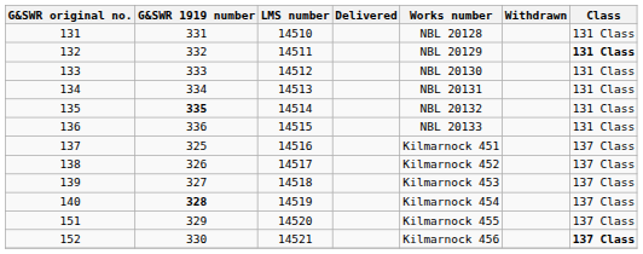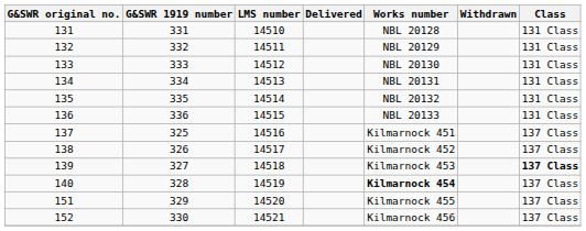 <table class="wikitable sortable" style=text-align:center>
 <tr>
 <th>G&SWR original no.</th>
 <th>G&SWR 1919 number</th>
 <th>LMS number</th>
 <th>Delivered</th>
 <th>Works number</th>
 <th>Withdrawn</th>
 <th>Class</th>
 </tr>
 <tr>
 <td>131</td>
 <td>331</td>
 <td>14510</td>
 <td></td>
 <td>NBL 20128</td>
 <td></td>
 <td>131 Class</td>
 </tr>
 <tr>
 <td>132</td>
 <td>332</td>
 <td>14511</td>
 <td></td>
 <td>NBL 20129</td>
 <td></td>
-<td><strong>131 Class</strong></td>
+<td>131 Class</td>
 </tr>
 <tr>
 <td>133</td>
 <td>333</td>
 <td>14512</td>
 <td></td>
 <td>NBL 20130</td>
 <td></td>
 <td>131 Class</td>
 </tr>
 <tr>
 <td>134</td>
 <td>334</td>
 <td>14513</td>
 <td></td>
 <td>NBL 20131</td>
 <td></td>
 <td>131 Class</td>
 </tr>
 <tr>
 <td>135</td>
-<td><strong>335</strong></td>
+<td>335</td>
 <td>14514</td>
 <td></td>
 <td>NBL 20132</td>
 <td></td>
 <td>131 Class</td>
 </tr>
 <tr>
 <td>136</td>
 <td>336</td>
 <td>14515</td>
 <td></td>
 <td>NBL 20133</td>
 <td></td>
 <td>131 Class</td>
 </tr>
 <tr>
 <td>137</td>
 <td>325</td>
 <td>14516</td>
 <td></td>
 <td>Kilmarnock 451</td>
 <td></td>
 <td>137 Class</td>
 </tr>
 <tr>
 <td>138</td>
 <td>326</td>
 <td>14517</td>
 <td></td>
 <td>Kilmarnock 452</td>
 <td></td>
 <td>137 Class</td>
 </tr>
 <tr>
 <td>139</td>
 <td>327</td>
 <td>14518</td>
 <td></td>
 <td>Kilmarnock 453</td>
 <td></td>
-<td>137 Class</td>
+<td><strong>137 Class</strong></td>
 </tr>
 <tr>
 <td>140</td>
-<td><strong>328</strong></td>
+<td>328</td>
 <td>14519</td>
 <td></td>
-<td>Kilmarnock 454</td>
+<td><strong>Kilmarnock 454</strong></td>
 <td></td>
 <td>137 Class</td>
 </tr>
 <tr>
 <td>151</td>
 <td>329</td>
 <td>14520</td>
 <td></td>
 <td>Kilmarnock 455</td>
 <td></td>
 <td>137 Class</td>
 </tr>
 <tr>
 <td>152</td>
 <td>330</td>
 <td>14521</td>
 <td></td>
 <td>Kilmarnock 456</td>
 <td></td>
-<td><strong>137 Class</strong></td>
+<td>137 Class</td>
 </tr>
 <tr>
 </tr>
 </table>
